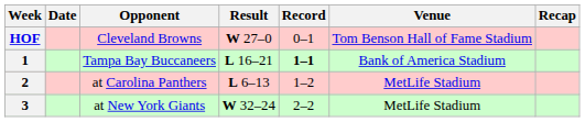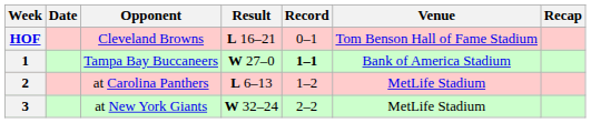 <table class="wikitable" style="text-align:center">
 <tr>
 <th>Week</th>
 <th>Date</th>
 <th>Opponent</th>
 <th>Result</th>
 <th>Record</th>
 <th>Venue</th>
 <th>Recap</th>
 </tr>
 <tr style="background:#fcc">
 <th><a href='#'>HOF</a></th>
 <td></td>
 <td><a href='#'>Cleveland Browns</a></td>
-<td><strong>W</strong> 27–0</td>
+<td><strong>L</strong> 16–21</td>
 <td>0–1</td>
 <td><a href='#'>Tom Benson Hall of Fame Stadium</a></td>
 <td></td>
 </tr>
 <tr style="background:#cfc">
 <th>1</th>
 <td></td>
 <td><a href='#'>Tampa Bay Buccaneers</a></td>
-<td><strong>L</strong> 16–21</td>
+<td><strong>W</strong> 27–0</td>
 <td><strong>1–1</strong></td>
 <td><a href='#'>Bank of America Stadium</a></td>
 <td></td>
 </tr>
 <tr style="background:#fcc">
 <th>2</th>
 <td></td>
 <td>at <a href='#'>Carolina Panthers</a></td>
 <td><strong>L</strong> 6–13</td>
 <td>1–2</td>
 <td><a href='#'>MetLife Stadium</a></td>
 <td></td>
 </tr>
 <tr style="background:#cfc">
 <th>3</th>
 <td></td>
 <td>at <a href='#'>New York Giants</a></td>
 <td><strong>W</strong> 32–24</td>
 <td>2–2</td>
 <td>MetLife Stadium</td>
 <td></td>
 </tr>
 </table>
